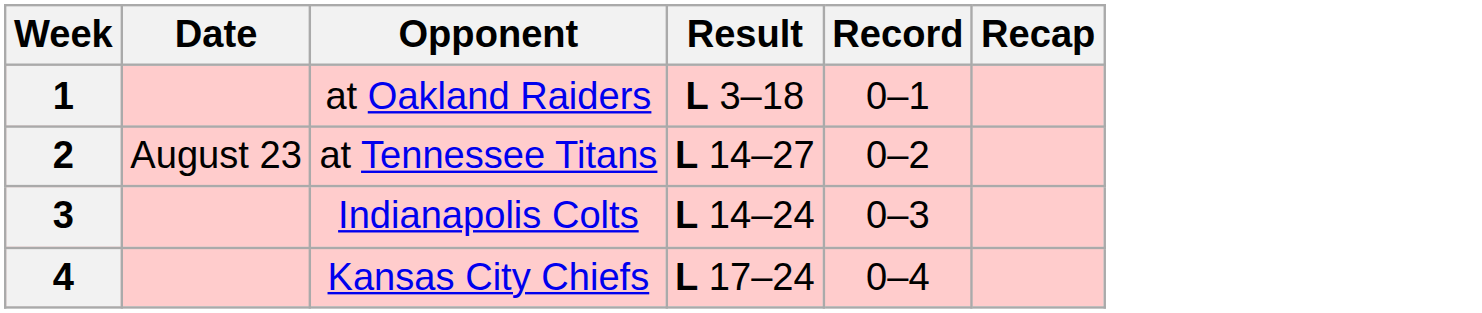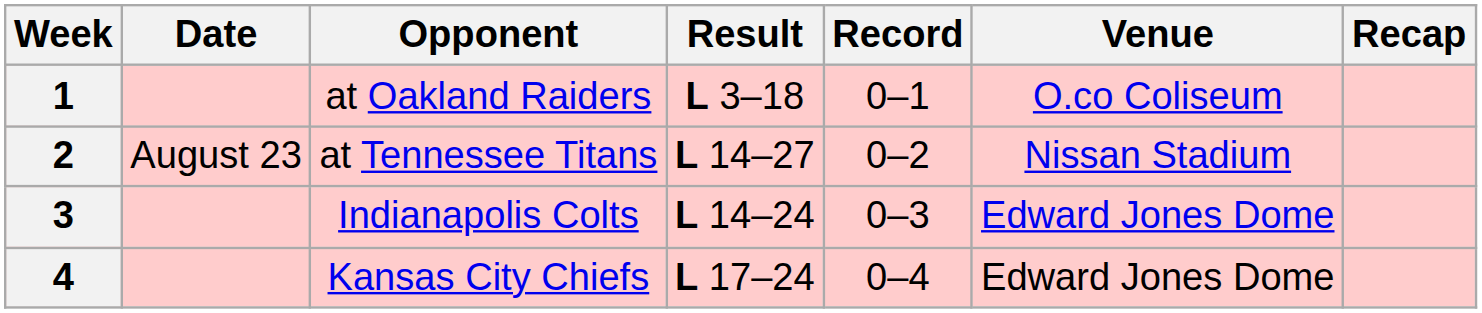 <table class="wikitable" style="text-align:center">
 <tr>
 <th>Week</th>
 <th>Date</th>
 <th>Opponent</th>
 <th>Result</th>
 <th>Record</th>
+<th>Venue</th>
 <th>Recap</th>
 </tr>
 <tr style="background:#fcc">
 <th>1</th>
 <td></td>
 <td>at <a href='#'>Oakland Raiders</a></td>
 <td><strong>L</strong> 3–18</td>
 <td>0–1</td>
+<td><a href='#'>O.co Coliseum</a></td>
 <td></td>
 </tr>
 <tr style="background:#fcc">
 <th>2</th>
 <td>August 23</td>
 <td>at <a href='#'>Tennessee Titans</a></td>
 <td><strong>L</strong> 14–27</td>
 <td>0–2</td>
+<td><a href='#'>Nissan Stadium</a></td>
 <td></td>
 </tr>
 <tr style="background:#fcc">
 <th>3</th>
 <td></td>
 <td><a href='#'>Indianapolis Colts</a></td>
 <td><strong>L</strong> 14–24</td>
 <td>0–3</td>
+<td><a href='#'>Edward Jones Dome</a></td>
 <td></td>
 </tr>
 <tr style="background:#fcc">
 <th>4</th>
 <td></td>
 <td><a href='#'>Kansas City Chiefs</a></td>
 <td><strong>L</strong> 17–24</td>
 <td>0–4</td>
+<td>Edward Jones Dome</td>
 <td></td>
 </tr>
 </table>
